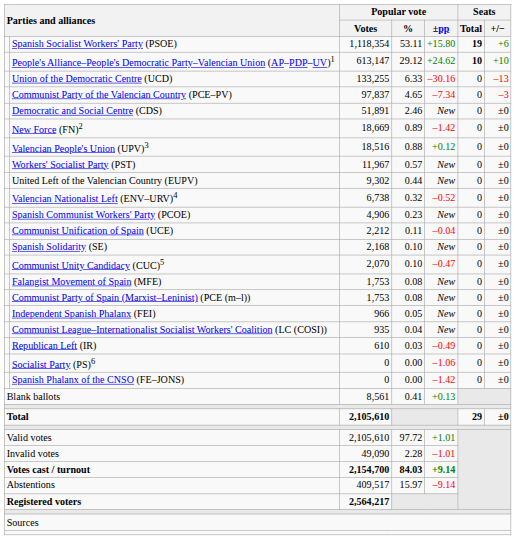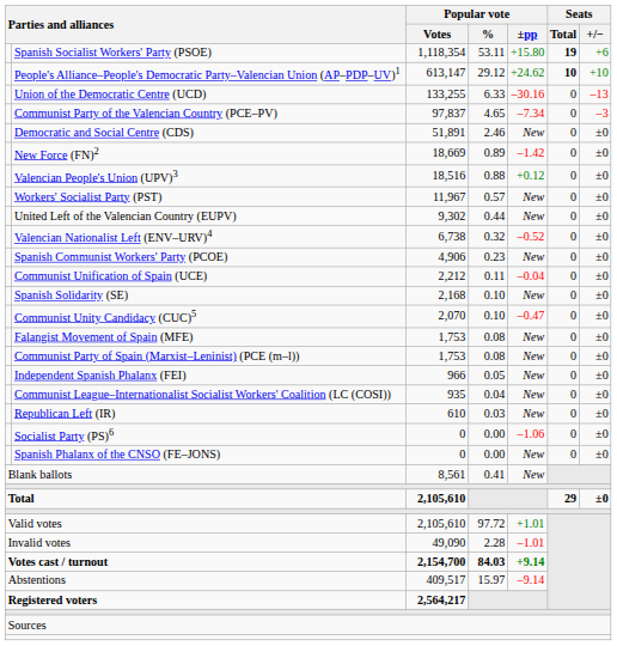 <table class="wikitable" style="text-align:right;">
 <tr>
 <th style="text-align:left;" rowspan="2" colspan="2" width="525">Parties and alliances</th>
 <th colspan="3">Popular vote</th>
 <th colspan="2">Seats</th>
 </tr>
 <tr>
 <th width="75">Votes</th>
 <th width="45">%</th>
 <th width="45">±<a href='#'>pp</a></th>
 <th width="35">Total</th>
 <th width="35">+/−</th>
 </tr>
 <tr>
 <td width="1" style="color:inherit;background:"></td>
 <td align="left"><a href='#'>Spanish Socialist Workers' Party</a> (PSOE)</td>
 <td>1,118,354</td>
 <td>53.11</td>
 <td style="color:green;">+15.80</td>
 <td><strong>19</strong></td>
 <td style="color:green;">+6</td>
 </tr>
 <tr>
 <td style="color:inherit;background:"></td>
 <td align="left"><a href='#'>People's Alliance–People's Democratic Party–Valencian Union</a> (<a href='#'>AP</a>–<a href='#'>PDP</a>–<a href='#'>UV</a>)<sup>1</sup></td>
 <td>613,147</td>
 <td>29.12</td>
 <td style="color:green;">+24.62</td>
 <td><strong>10</strong></td>
 <td style="color:green;">+10</td>
 </tr>
 <tr>
 <td style="color:inherit;background:"></td>
 <td align="left"><a href='#'>Union of the Democratic Centre</a> (UCD)</td>
 <td>133,255</td>
 <td>6.33</td>
 <td style="color:red;">–30.16</td>
 <td>0</td>
 <td style="color:red;">–13</td>
 </tr>
 <tr>
 <td style="color:inherit;background:"></td>
 <td align="left"><a href='#'>Communist Party of the Valencian Country</a> (PCE–PV)</td>
 <td>97,837</td>
 <td>4.65</td>
 <td style="color:red;">–7.34</td>
 <td>0</td>
 <td style="color:red;">–3</td>
 </tr>
 <tr>
 <td style="color:inherit;background:"></td>
 <td align="left"><a href='#'>Democratic and Social Centre</a> (CDS)</td>
 <td>51,891</td>
 <td>2.46</td>
 <td><em>New</em></td>
 <td>0</td>
 <td>±0</td>
 </tr>
 <tr>
 <td style="color:inherit;background:"></td>
 <td align="left"><a href='#'>New Force</a> (FN)<sup>2</sup></td>
 <td>18,669</td>
 <td>0.89</td>
 <td style="color:red;">–1.42</td>
 <td>0</td>
 <td>±0</td>
 </tr>
 <tr>
 <td style="color:inherit;background:"></td>
 <td align="left"><a href='#'>Valencian People's Union</a> (UPV)<sup>3</sup></td>
 <td>18,516</td>
 <td>0.88</td>
 <td style="color:green;">+0.12</td>
 <td>0</td>
 <td>±0</td>
 </tr>
 <tr>
 <td style="color:inherit;background:"></td>
 <td align="left"><a href='#'>Workers' Socialist Party</a> (PST)</td>
 <td>11,967</td>
 <td>0.57</td>
 <td><em>New</em></td>
 <td>0</td>
 <td>±0</td>
 </tr>
 <tr>
 <td style="color:inherit;background:"></td>
 <td align="left">United Left of the Valencian Country (EUPV)</td>
 <td>9,302</td>
 <td>0.44</td>
 <td><em>New</em></td>
 <td>0</td>
 <td>±0</td>
 </tr>
 <tr>
 <td style="color:inherit;background:"></td>
 <td align="left"><a href='#'>Valencian Nationalist Left</a> (ENV–URV)<sup>4</sup></td>
 <td>6,738</td>
 <td>0.32</td>
 <td style="color:red;">–0.52</td>
 <td>0</td>
 <td>±0</td>
 </tr>
 <tr>
 <td style="color:inherit;background:"></td>
 <td align="left"><a href='#'>Spanish Communist Workers' Party</a> (PCOE)</td>
 <td>4,906</td>
 <td>0.23</td>
 <td><em>New</em></td>
 <td>0</td>
 <td>±0</td>
 </tr>
 <tr>
 <td style="color:inherit;background:"></td>
 <td align="left"><a href='#'>Communist Unification of Spain</a> (UCE)</td>
 <td>2,212</td>
 <td>0.11</td>
 <td style="color:red;">–0.04</td>
 <td>0</td>
 <td>±0</td>
 </tr>
 <tr>
 <td style="color:inherit;background:"></td>
 <td align="left"><a href='#'>Spanish Solidarity</a> (SE)</td>
 <td>2,168</td>
 <td>0.10</td>
 <td><em>New</em></td>
 <td>0</td>
 <td>±0</td>
 </tr>
 <tr>
 <td style="color:inherit;background:"></td>
 <td align="left"><a href='#'>Communist Unity Candidacy</a> (CUC)<sup>5</sup></td>
 <td>2,070</td>
 <td>0.10</td>
 <td style="color:red;">–0.47</td>
 <td>0</td>
 <td>±0</td>
 </tr>
 <tr>
 <td style="color:inherit;background:"></td>
 <td align="left"><a href='#'>Falangist Movement of Spain</a> (MFE)</td>
 <td>1,753</td>
 <td>0.08</td>
 <td><em>New</em></td>
 <td>0</td>
 <td>±0</td>
 </tr>
 <tr>
 <td style="color:inherit;background:"></td>
 <td align="left"><a href='#'>Communist Party of Spain (Marxist–Leninist)</a> (PCE (m–l))</td>
 <td>1,753</td>
 <td>0.08</td>
 <td><em>New</em></td>
 <td>0</td>
 <td>±0</td>
 </tr>
 <tr>
 <td style="color:inherit;background:"></td>
 <td align="left"><a href='#'>Independent Spanish Phalanx</a> (FEI)</td>
 <td>966</td>
 <td>0.05</td>
 <td><em>New</em></td>
 <td>0</td>
 <td>±0</td>
 </tr>
 <tr>
 <td style="color:inherit;background:"></td>
 <td align="left"><a href='#'>Communist League–Internationalist Socialist Workers' Coalition</a> (LC (COSI))</td>
 <td>935</td>
 <td>0.04</td>
 <td><em>New</em></td>
 <td>0</td>
 <td>±0</td>
 </tr>
 <tr>
 <td style="color:inherit;background:"></td>
 <td align="left"><a href='#'>Republican Left</a> (IR)</td>
 <td>610</td>
 <td>0.03</td>
-<td style="color:red;">–0.49</td>
+<td><em>New</em></td>
 <td>0</td>
 <td>±0</td>
 </tr>
 <tr>
 <td style="color:inherit;background:"></td>
 <td align="left"><a href='#'>Socialist Party</a> (PS)<sup>6</sup></td>
 <td>0</td>
 <td>0.00</td>
 <td style="color:red;">–1.06</td>
 <td>0</td>
 <td>±0</td>
 </tr>
 <tr>
 <td style="color:inherit;background:"></td>
 <td align="left"><a href='#'>Spanish Phalanx of the CNSO</a> (FE–JONS)</td>
 <td>0</td>
 <td>0.00</td>
-<td style="color:red;">–1.42</td>
+<td><em>New</em></td>
 <td>0</td>
 <td>±0</td>
 </tr>
 <tr>
 <td align="left" colspan="2">Blank ballots</td>
 <td>8,561</td>
 <td>0.41</td>
-<td style="color:green;">+0.13</td>
+<td><em>New</em></td>
 <td bgcolor="#E9E9E9" colspan="2"></td>
 </tr>
 <tr>
 <td colspan="7" bgcolor="#E9E9E9"></td>
 </tr>
 <tr style="font-weight:bold;">
 <td align="left" colspan="2">Total</td>
 <td>2,105,610</td>
 <td bgcolor="#E9E9E9" colspan="2"></td>
 <td>29</td>
 <td>±0</td>
 </tr>
 <tr>
 <td colspan="7" bgcolor="#E9E9E9"></td>
 </tr>
 <tr>
 <td align="left" colspan="2">Valid votes</td>
 <td>2,105,610</td>
 <td>97.72</td>
 <td style="color:green;">+1.01</td>
 <td bgcolor="#E9E9E9" colspan="2" rowspan="5"></td>
 </tr>
 <tr>
 <td align="left" colspan="2">Invalid votes</td>
 <td>49,090</td>
 <td>2.28</td>
 <td style="color:red;">–1.01</td>
 </tr>
 <tr style="font-weight:bold;">
 <td align="left" colspan="2">Votes cast / turnout</td>
 <td>2,154,700</td>
 <td>84.03</td>
 <td style="color:green;">+9.14</td>
 </tr>
 <tr>
 <td align="left" colspan="2">Abstentions</td>
 <td>409,517</td>
 <td>15.97</td>
 <td style="color:red;">–9.14</td>
 </tr>
 <tr style="font-weight:bold;">
 <td align="left" colspan="2">Registered voters</td>
 <td>2,564,217</td>
 <td bgcolor="#E9E9E9" colspan="2"></td>
 </tr>
 <tr>
 <td colspan="7" bgcolor="#E9E9E9"></td>
 </tr>
 <tr>
 <td align="left" colspan="7">Sources</td>
 </tr>
 <tr>
 <td colspan="7" style="text-align:left; max-width:790px;"></td>
 </tr>
 </table>
